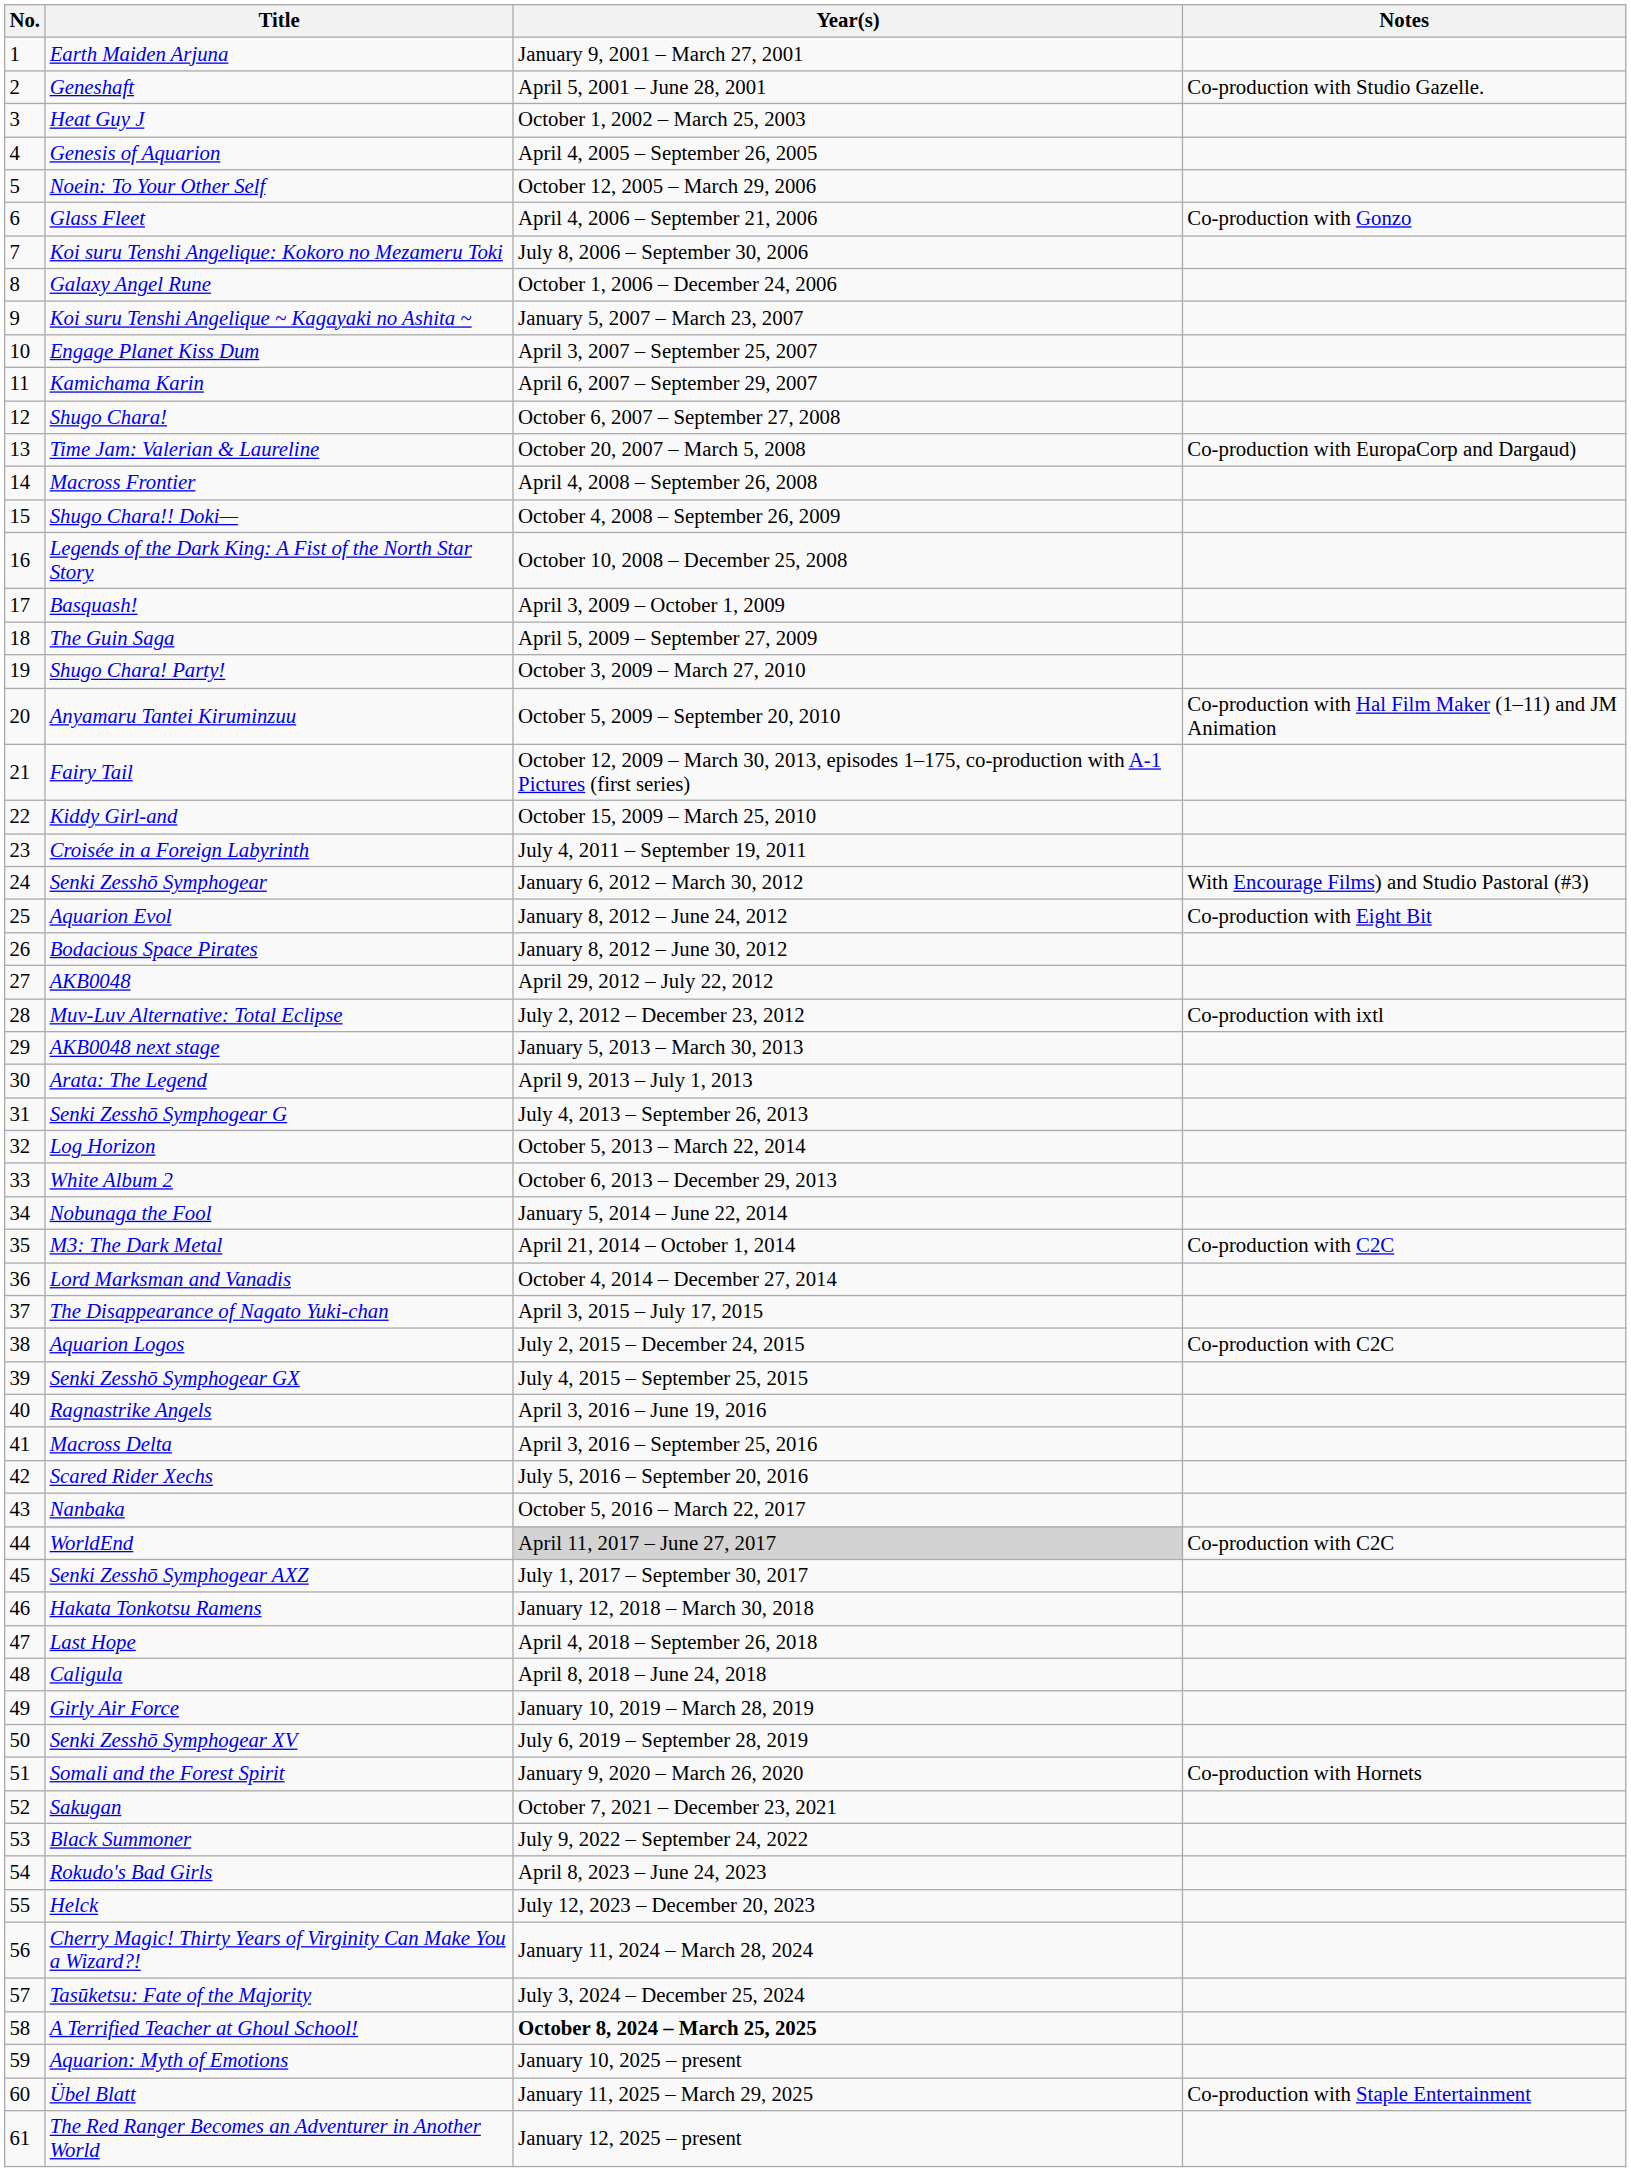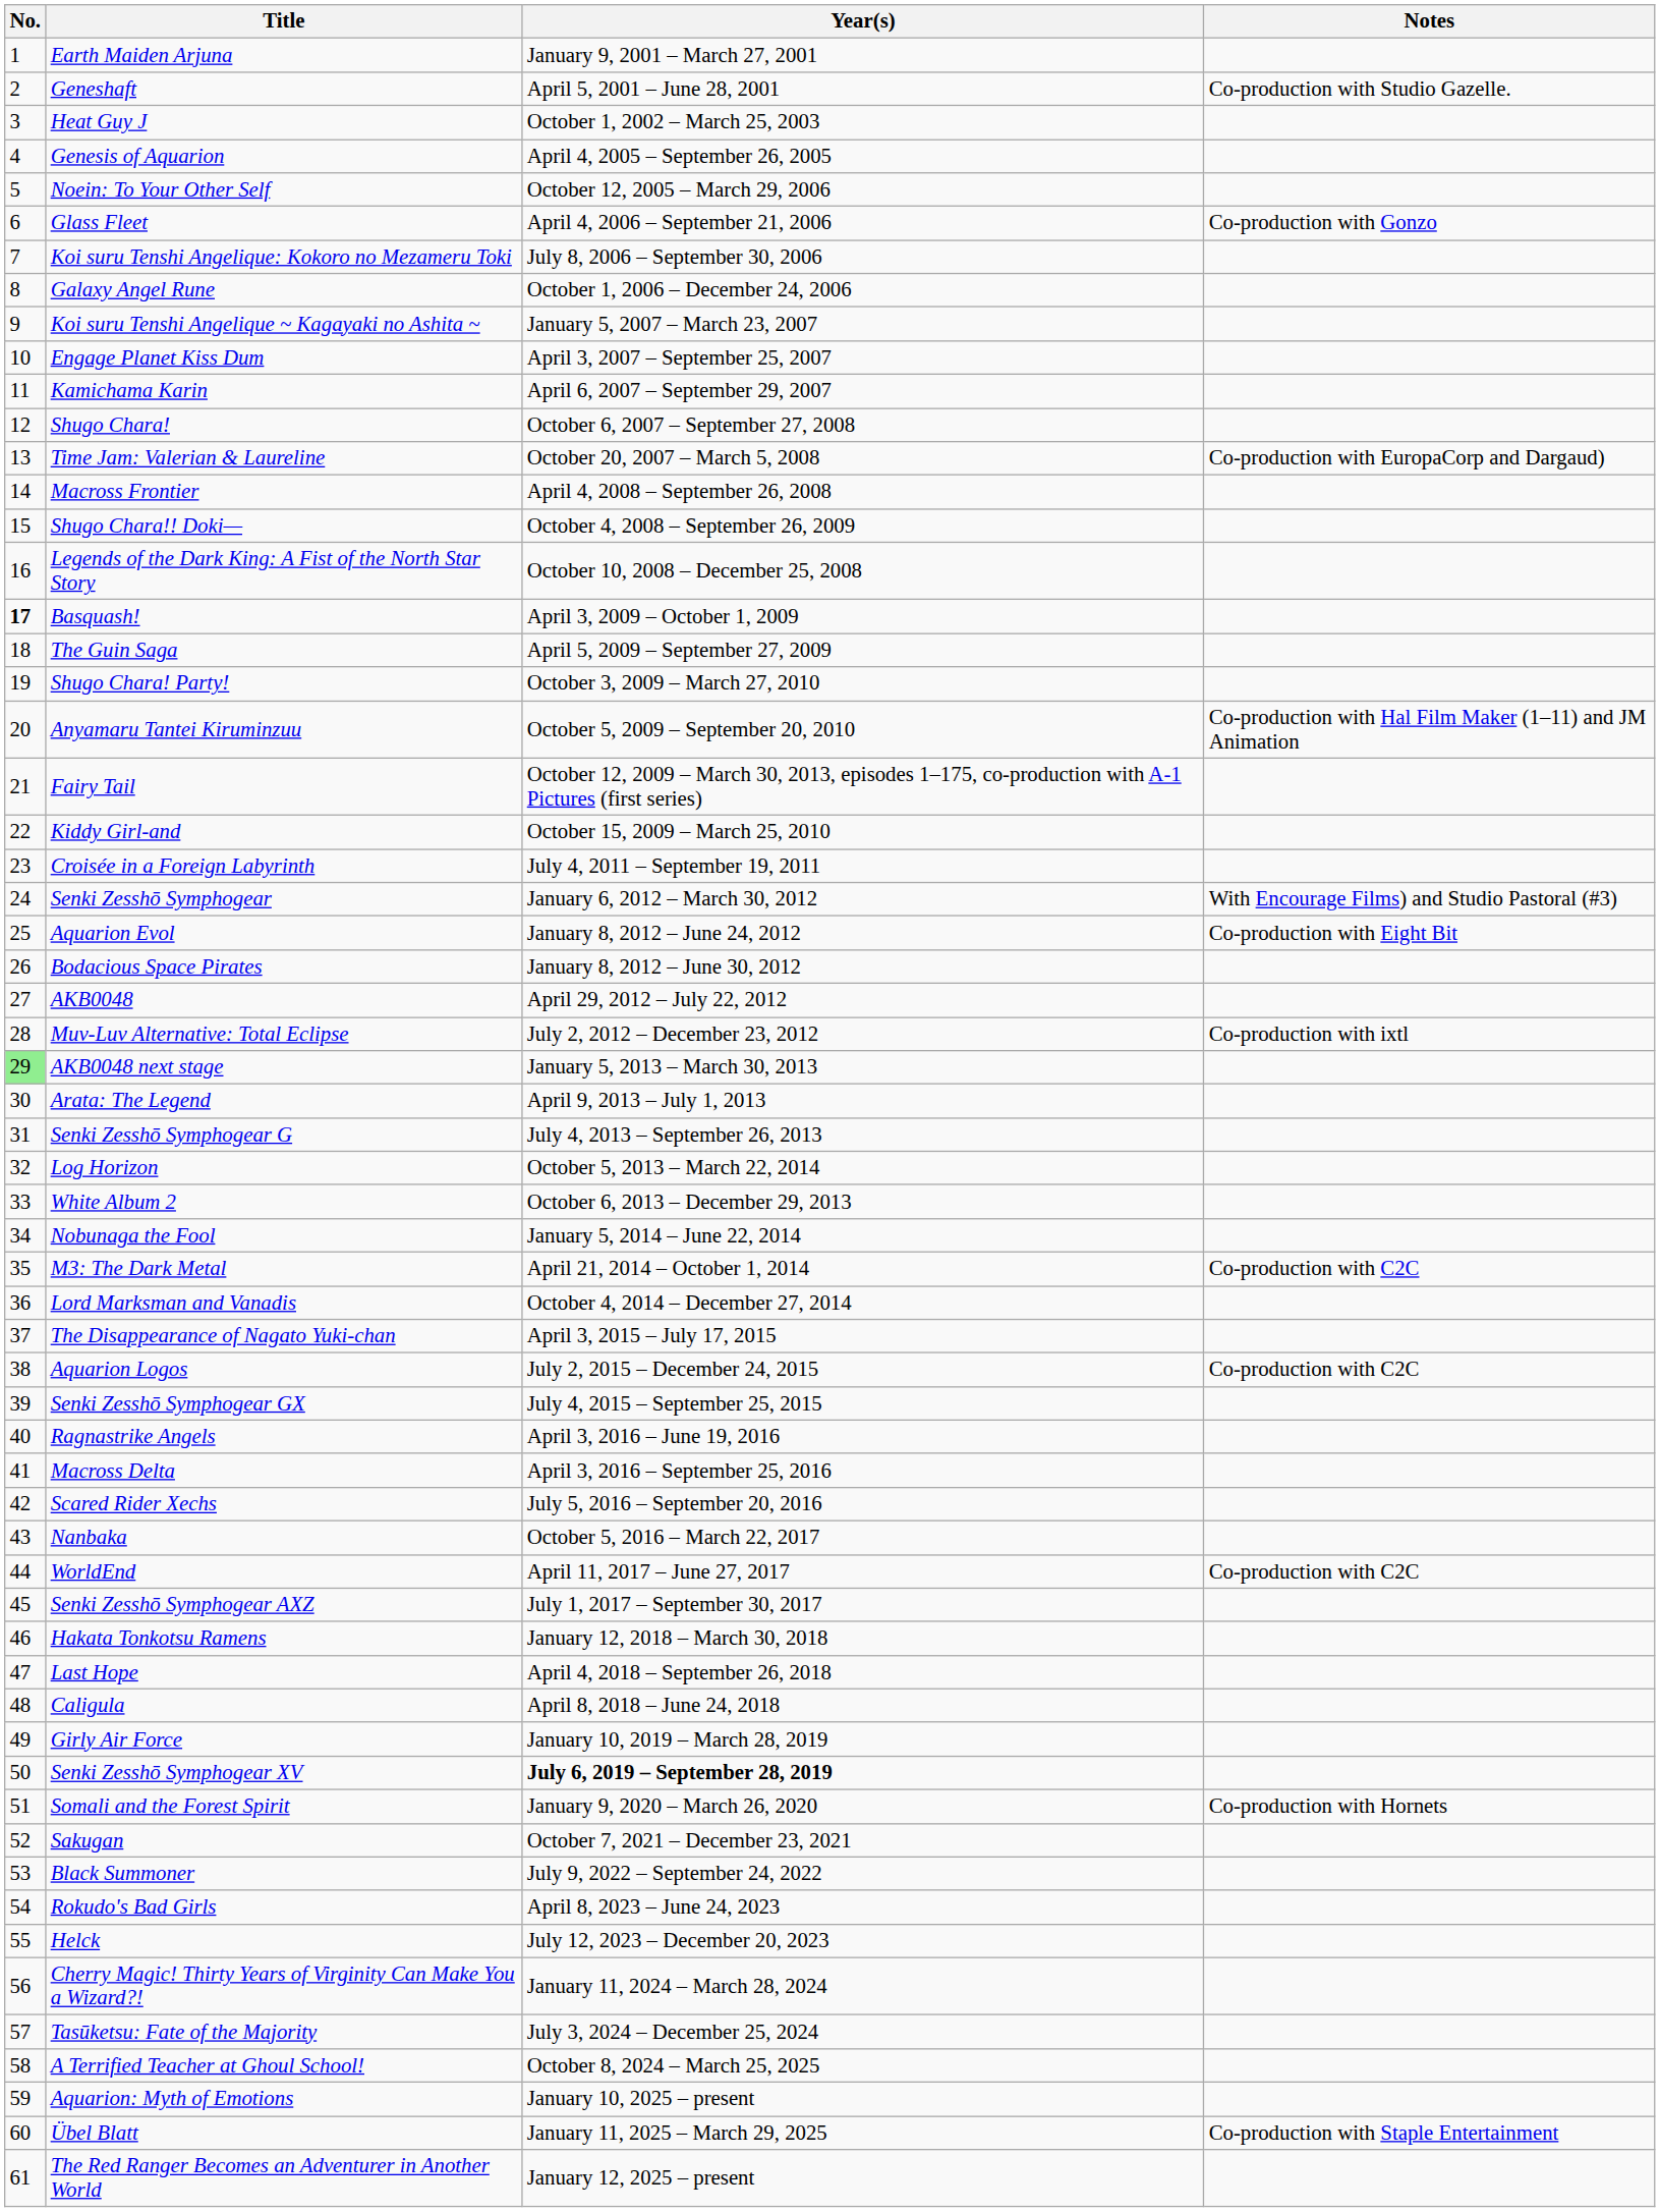 <table class="wikitable sortable">
 <tr>
 <th>No.</th>
 <th>Title</th>
 <th>Year(s)</th>
 <th>Notes</th>
 </tr>
 <tr>
 <td>1</td>
 <td><em><a href='#'>Earth Maiden Arjuna</a></em></td>
 <td>January 9, 2001 – March 27, 2001</td>
 <td></td>
 </tr>
 <tr>
 <td>2</td>
 <td><em><a href='#'>Geneshaft</a></em></td>
 <td>April 5, 2001 – June 28, 2001</td>
 <td>Co-production with Studio Gazelle.</td>
 </tr>
 <tr>
 <td>3</td>
 <td><em><a href='#'>Heat Guy J</a></em></td>
 <td>October 1, 2002 – March 25, 2003</td>
 <td></td>
 </tr>
 <tr>
 <td>4</td>
 <td><em><a href='#'>Genesis of Aquarion</a></em></td>
 <td>April 4, 2005 – September 26, 2005</td>
 <td></td>
 </tr>
 <tr>
 <td>5</td>
 <td><em><a href='#'>Noein: To Your Other Self</a></em></td>
 <td>October 12, 2005 – March 29, 2006</td>
 <td></td>
 </tr>
 <tr>
 <td>6</td>
 <td><em><a href='#'>Glass Fleet</a></em></td>
 <td>April 4, 2006 – September 21, 2006</td>
 <td>Co-production with <a href='#'>Gonzo</a></td>
 </tr>
 <tr>
 <td>7</td>
 <td><em><a href='#'>Koi suru Tenshi Angelique: Kokoro no Mezameru Toki</a></em></td>
 <td>July 8, 2006 – September 30, 2006</td>
 <td></td>
 </tr>
 <tr>
 <td>8</td>
 <td><em><a href='#'>Galaxy Angel Rune</a></em></td>
 <td>October 1, 2006 – December 24, 2006</td>
 <td></td>
 </tr>
 <tr>
 <td>9</td>
 <td><em><a href='#'>Koi suru Tenshi Angelique ~ Kagayaki no Ashita ~</a></em></td>
 <td>January 5, 2007 – March 23, 2007</td>
 <td></td>
 </tr>
 <tr>
 <td>10</td>
 <td><em><a href='#'>Engage Planet Kiss Dum</a></em></td>
 <td>April 3, 2007 – September 25, 2007</td>
 <td></td>
 </tr>
 <tr>
 <td>11</td>
 <td><em><a href='#'>Kamichama Karin</a></em></td>
 <td>April 6, 2007 – September 29, 2007</td>
 <td></td>
 </tr>
 <tr>
 <td>12</td>
 <td><em><a href='#'>Shugo Chara!</a></em></td>
 <td>October 6, 2007 – September 27, 2008</td>
 <td></td>
 </tr>
 <tr>
 <td>13</td>
 <td><em><a href='#'>Time Jam: Valerian & Laureline</a></em></td>
 <td>October 20, 2007 – March 5, 2008</td>
 <td>Co-production with EuropaCorp and Dargaud)</td>
 </tr>
 <tr>
 <td>14</td>
 <td><em><a href='#'>Macross Frontier</a></em></td>
 <td>April 4, 2008 – September 26, 2008</td>
 <td></td>
 </tr>
 <tr>
 <td>15</td>
 <td><em><a href='#'>Shugo Chara!! Doki—</a></em></td>
 <td>October 4, 2008 – September 26, 2009</td>
 <td></td>
 </tr>
 <tr>
 <td>16</td>
 <td><em><a href='#'>Legends of the Dark King: A Fist of the North Star Story</a></em></td>
 <td>October 10, 2008 – December 25, 2008</td>
 <td></td>
 </tr>
 <tr>
-<td>17</td>
+<td><strong>17</strong></td>
 <td><em><a href='#'>Basquash!</a></em></td>
 <td>April 3, 2009 – October 1, 2009</td>
 <td></td>
 </tr>
 <tr>
 <td>18</td>
 <td><em><a href='#'>The Guin Saga</a></em></td>
 <td>April 5, 2009 – September 27, 2009</td>
 <td></td>
 </tr>
 <tr>
 <td>19</td>
 <td><em><a href='#'>Shugo Chara! Party!</a></em></td>
 <td>October 3, 2009 – March 27, 2010</td>
 <td></td>
 </tr>
 <tr>
 <td>20</td>
 <td><em><a href='#'>Anyamaru Tantei Kiruminzuu</a></em></td>
 <td>October 5, 2009 – September 20, 2010</td>
 <td>Co-production with <a href='#'>Hal Film Maker</a> (1–11) and JM Animation</td>
 </tr>
 <tr>
 <td>21</td>
 <td><em><a href='#'>Fairy Tail</a></em></td>
 <td>October 12, 2009 – March 30, 2013, episodes 1–175, co-production with <a href='#'>A-1 Pictures</a> (first series)</td>
 </tr>
 <tr>
 <td>22</td>
 <td><em><a href='#'>Kiddy Girl-and</a></em></td>
 <td>October 15, 2009 – March 25, 2010</td>
 <td></td>
 </tr>
 <tr>
 <td>23</td>
 <td><em><a href='#'>Croisée in a Foreign Labyrinth</a></em></td>
 <td>July 4, 2011 – September 19, 2011</td>
 <td></td>
 </tr>
 <tr>
 <td>24</td>
 <td><em><a href='#'>Senki Zesshō Symphogear</a></em></td>
 <td>January 6, 2012 – March 30, 2012</td>
 <td>With <a href='#'>Encourage Films</a>) and Studio Pastoral (#3)</td>
 </tr>
 <tr>
 <td>25</td>
 <td><em><a href='#'>Aquarion Evol</a></em></td>
 <td>January 8, 2012 – June 24, 2012</td>
 <td>Co-production with <a href='#'>Eight Bit</a></td>
 </tr>
 <tr>
 <td>26</td>
 <td><em><a href='#'>Bodacious Space Pirates</a></em></td>
 <td>January 8, 2012 – June 30, 2012</td>
 <td></td>
 </tr>
 <tr>
 <td>27</td>
 <td><em><a href='#'>AKB0048</a></em></td>
 <td>April 29, 2012 – July 22, 2012</td>
 <td></td>
 </tr>
 <tr>
 <td>28</td>
 <td><em><a href='#'>Muv-Luv Alternative: Total Eclipse</a></em></td>
 <td>July 2, 2012 – December 23, 2012</td>
 <td>Co-production with ixtl</td>
 </tr>
 <tr>
-<td>29</td>
+<td style="background: lightgreen;">29</td>
 <td><em><a href='#'>AKB0048 next stage</a></em></td>
 <td>January 5, 2013 – March 30, 2013</td>
 <td></td>
 </tr>
 <tr>
 <td>30</td>
 <td><em><a href='#'>Arata: The Legend</a></em></td>
 <td>April 9, 2013 – July 1, 2013</td>
 <td></td>
 </tr>
 <tr>
 <td>31</td>
 <td><em><a href='#'>Senki Zesshō Symphogear G</a></em></td>
 <td>July 4, 2013 – September 26, 2013</td>
 <td></td>
 </tr>
 <tr>
 <td>32</td>
 <td><em><a href='#'>Log Horizon</a></em></td>
 <td>October 5, 2013 – March 22, 2014</td>
 <td></td>
 </tr>
 <tr>
 <td>33</td>
 <td><em><a href='#'>White Album 2</a></em></td>
 <td>October 6, 2013 – December 29, 2013</td>
 <td></td>
 </tr>
 <tr>
 <td>34</td>
 <td><em><a href='#'>Nobunaga the Fool</a></em></td>
 <td>January 5, 2014 – June 22, 2014</td>
 <td></td>
 </tr>
 <tr>
 <td>35</td>
 <td><em><a href='#'>M3: The Dark Metal</a></em></td>
 <td>April 21, 2014 – October 1, 2014</td>
 <td>Co-production with <a href='#'>C2C</a></td>
 </tr>
 <tr>
 <td>36</td>
 <td><em><a href='#'>Lord Marksman and Vanadis</a></em></td>
 <td>October 4, 2014 – December 27, 2014</td>
 <td></td>
 </tr>
 <tr>
 <td>37</td>
 <td><em><a href='#'>The Disappearance of Nagato Yuki-chan</a></em></td>
 <td>April 3, 2015 – July 17, 2015</td>
 <td></td>
 </tr>
 <tr>
 <td>38</td>
 <td><em><a href='#'>Aquarion Logos</a></em></td>
 <td>July 2, 2015 – December 24, 2015</td>
 <td>Co-production with C2C</td>
 </tr>
 <tr>
 <td>39</td>
 <td><em><a href='#'>Senki Zesshō Symphogear GX</a></em></td>
 <td>July 4, 2015 – September 25, 2015</td>
 <td></td>
 </tr>
 <tr>
 <td>40</td>
 <td><em><a href='#'>Ragnastrike Angels</a></em></td>
 <td>April 3, 2016 – June 19, 2016</td>
 <td></td>
 </tr>
 <tr>
 <td>41</td>
 <td><em><a href='#'>Macross Delta</a></em></td>
 <td>April 3, 2016 – September 25, 2016</td>
 <td></td>
 </tr>
 <tr>
 <td>42</td>
 <td><em><a href='#'>Scared Rider Xechs</a></em></td>
 <td>July 5, 2016 – September 20, 2016</td>
 <td></td>
 </tr>
 <tr>
 <td>43</td>
 <td><em><a href='#'>Nanbaka</a></em></td>
 <td>October 5, 2016 – March 22, 2017</td>
 <td></td>
 </tr>
 <tr>
 <td>44</td>
 <td><em><a href='#'>WorldEnd</a></em></td>
-<td style="background: lightgrey;">April 11, 2017 – June 27, 2017</td>
+<td>April 11, 2017 – June 27, 2017</td>
 <td>Co-production with C2C</td>
 </tr>
 <tr>
 <td>45</td>
 <td><em><a href='#'>Senki Zesshō Symphogear AXZ</a></em></td>
 <td>July 1, 2017 – September 30, 2017</td>
 <td></td>
 </tr>
 <tr>
 <td>46</td>
 <td><em><a href='#'>Hakata Tonkotsu Ramens</a></em></td>
 <td>January 12, 2018 – March 30, 2018</td>
 <td></td>
 </tr>
 <tr>
 <td>47</td>
 <td><em><a href='#'>Last Hope</a></em></td>
 <td>April 4, 2018 – September 26, 2018</td>
 <td></td>
 </tr>
 <tr>
 <td>48</td>
 <td><em><a href='#'>Caligula</a></em></td>
 <td>April 8, 2018 – June 24, 2018</td>
 <td></td>
 </tr>
 <tr>
 <td>49</td>
 <td><em><a href='#'>Girly Air Force</a></em></td>
 <td>January 10, 2019 – March 28, 2019</td>
 <td></td>
 </tr>
 <tr>
 <td>50</td>
 <td><em><a href='#'>Senki Zesshō Symphogear XV</a></em></td>
-<td>July 6, 2019 – September 28, 2019</td>
+<td><strong>July 6, 2019 – September 28, 2019</strong></td>
 <td></td>
 </tr>
 <tr>
 <td>51</td>
 <td><em><a href='#'>Somali and the Forest Spirit</a></em></td>
 <td>January 9, 2020 – March 26, 2020</td>
 <td>Co-production with Hornets</td>
 </tr>
 <tr>
 <td>52</td>
 <td><em><a href='#'>Sakugan</a></em></td>
 <td>October 7, 2021 – December 23, 2021</td>
 <td></td>
 </tr>
 <tr>
 <td>53</td>
 <td><em><a href='#'>Black Summoner</a></em></td>
 <td>July 9, 2022 – September 24, 2022</td>
 <td></td>
 </tr>
 <tr>
 <td>54</td>
 <td><em><a href='#'>Rokudo's Bad Girls</a></em></td>
 <td>April 8, 2023 – June 24, 2023</td>
 <td></td>
 </tr>
 <tr>
 <td>55</td>
 <td><em><a href='#'>Helck</a></em></td>
 <td>July 12, 2023 – December 20, 2023</td>
 <td></td>
 </tr>
 <tr>
 <td>56</td>
 <td><em><a href='#'>Cherry Magic! Thirty Years of Virginity Can Make You a Wizard?!</a></em></td>
 <td>January 11, 2024 – March 28, 2024</td>
 <td></td>
 </tr>
 <tr>
 <td>57</td>
 <td><em><a href='#'>Tasūketsu: Fate of the Majority</a></em></td>
 <td>July 3, 2024 – December 25, 2024</td>
 <td></td>
 </tr>
 <tr>
 <td>58</td>
 <td><em><a href='#'>A Terrified Teacher at Ghoul School!</a></em></td>
-<td><strong>October 8, 2024 – March 25, 2025</strong></td>
+<td>October 8, 2024 – March 25, 2025</td>
 <td></td>
 </tr>
 <tr>
 <td>59</td>
 <td><em><a href='#'>Aquarion: Myth of Emotions</a></em></td>
 <td>January 10, 2025 – present</td>
 <td></td>
 </tr>
 <tr>
 <td>60</td>
 <td><em><a href='#'>Übel Blatt</a></em></td>
 <td>January 11, 2025 – March 29, 2025</td>
 <td>Co-production with <a href='#'>Staple Entertainment</a></td>
 </tr>
 <tr>
 <td>61</td>
 <td><em><a href='#'>The Red Ranger Becomes an Adventurer in Another World</a></em></td>
 <td>January 12, 2025 – present</td>
 <td></td>
 </tr>
 </table>
